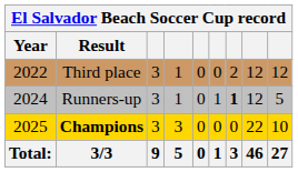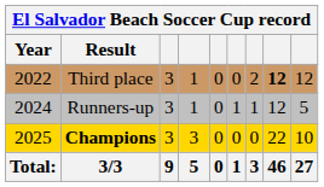 <table class="wikitable" style="text-align: center;">
 <tr>
 <th colspan=9><a href='#'>El Salvador</a> Beach Soccer Cup record</th>
 </tr>
 <tr>
 <th>Year</th>
 <th>Result</th>
 <th></th>
 <th width=20></th>
 <th></th>
 <th></th>
 <th></th>
 <th></th>
 <th></th>
 </tr>
 <tr bgcolor="#cc9966">
 <td> 2022</td>
 <td>Third place</td>
 <td>3</td>
 <td>1</td>
 <td>0</td>
 <td>0</td>
 <td>2</td>
-<td>12</td>
+<td><strong>12</strong></td>
 <td>12</td>
 </tr>
 <tr bgcolor="silver">
 <td> 2024</td>
 <td>Runners-up</td>
 <td>3</td>
 <td>1</td>
 <td>0</td>
 <td>1</td>
-<td><strong>1</strong></td>
+<td>1</td>
 <td>12</td>
 <td>5</td>
 </tr>
 <tr bgcolor="gold">
 <td> 2025</td>
 <td><strong>Champions</strong></td>
 <td>3</td>
 <td>3</td>
 <td>0</td>
 <td>0</td>
 <td>0</td>
 <td>22</td>
 <td>10</td>
 </tr>
 <tr>
 <th>Total:</th>
 <th>3/3</th>
 <th>9</th>
 <th>5</th>
 <th>0</th>
 <th>1</th>
 <th>3</th>
 <th>46</th>
 <th>27</th>
 </tr>
 </table>
